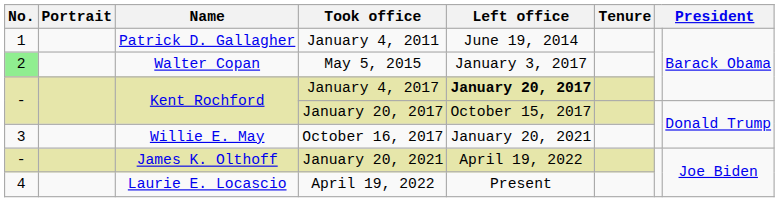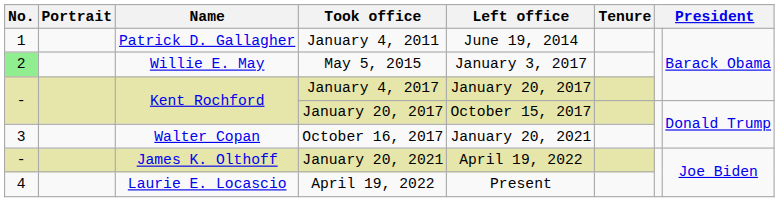 <table class="wikitable" style="clear:right; text-align:center">
 <tr>
 <th>No.</th>
 <th>Portrait</th>
 <th>Name</th>
 <th>Took office</th>
 <th>Left office</th>
 <th>Tenure</th>
 <th colspan=2><a href='#'>President</a><br></th>
 </tr>
 <tr>
 <td>1</td>
 <td></td>
 <td><a href='#'>Patrick D. Gallagher</a></td>
 <td>January 4, 2011</td>
 <td>June 19, 2014</td>
 <td></td>
 <td rowspan=3 style="background:"></td>
 <td rowspan=3><a href='#'>Barack Obama</a></td>
 </tr>
 <tr>
 <td style="background: lightgreen;">2</td>
 <td></td>
-<td><a href='#'>Walter Copan</a></td>
+<td><a href='#'>Willie E. May</a></td>
 <td>May 5, 2015</td>
 <td>January 3, 2017</td>
 <td></td>
 </tr>
 <tr>
 <td rowspan=2 style="background:#E6E6AA">-</td>
 <td rowspan=2 style="background:#E6E6AA"></td>
 <td rowspan=2 style="background:#E6E6AA"><a href='#'>Kent Rochford</a></td>
 <td style="background:#E6E6AA">January 4, 2017</td>
-<td style="background:#E6E6AA"><strong>January 20, 2017</strong></td>
+<td style="background:#E6E6AA">January 20, 2017</td>
 <td style="background:#E6E6AA"></td>
 </tr>
 <tr>
 <td style="background:#E6E6AA">January 20, 2017</td>
 <td style="background:#E6E6AA">October 15, 2017</td>
 <td style="background:#E6E6AA"><br></td>
 <td rowspan=2 style="background:"></td>
 <td rowspan=2><a href='#'>Donald Trump</a></td>
 </tr>
 <tr>
 <td>3</td>
 <td></td>
-<td><a href='#'>Willie E. May</a></td>
+<td><a href='#'>Walter Copan</a></td>
 <td>October 16, 2017</td>
 <td>January 20, 2021</td>
 <td></td>
 </tr>
 <tr>
 <td style="background:#E6E6AA">-</td>
 <td style="background:#E6E6AA"></td>
 <td style="background:#E6E6AA"><a href='#'>James K. Olthoff</a></td>
 <td style="background:#E6E6AA">January 20, 2021</td>
 <td style="background:#E6E6AA">April 19, 2022</td>
 <td style="background:#E6E6AA"></td>
 <td rowspan=2 style="background:"></td>
 <td rowspan=2><a href='#'>Joe Biden</a></td>
 </tr>
 <tr>
 <td>4</td>
 <td></td>
 <td><a href='#'>Laurie E. Locascio</a></td>
 <td>April 19, 2022</td>
 <td>Present</td>
 <td></td>
 </tr>
 </table>
